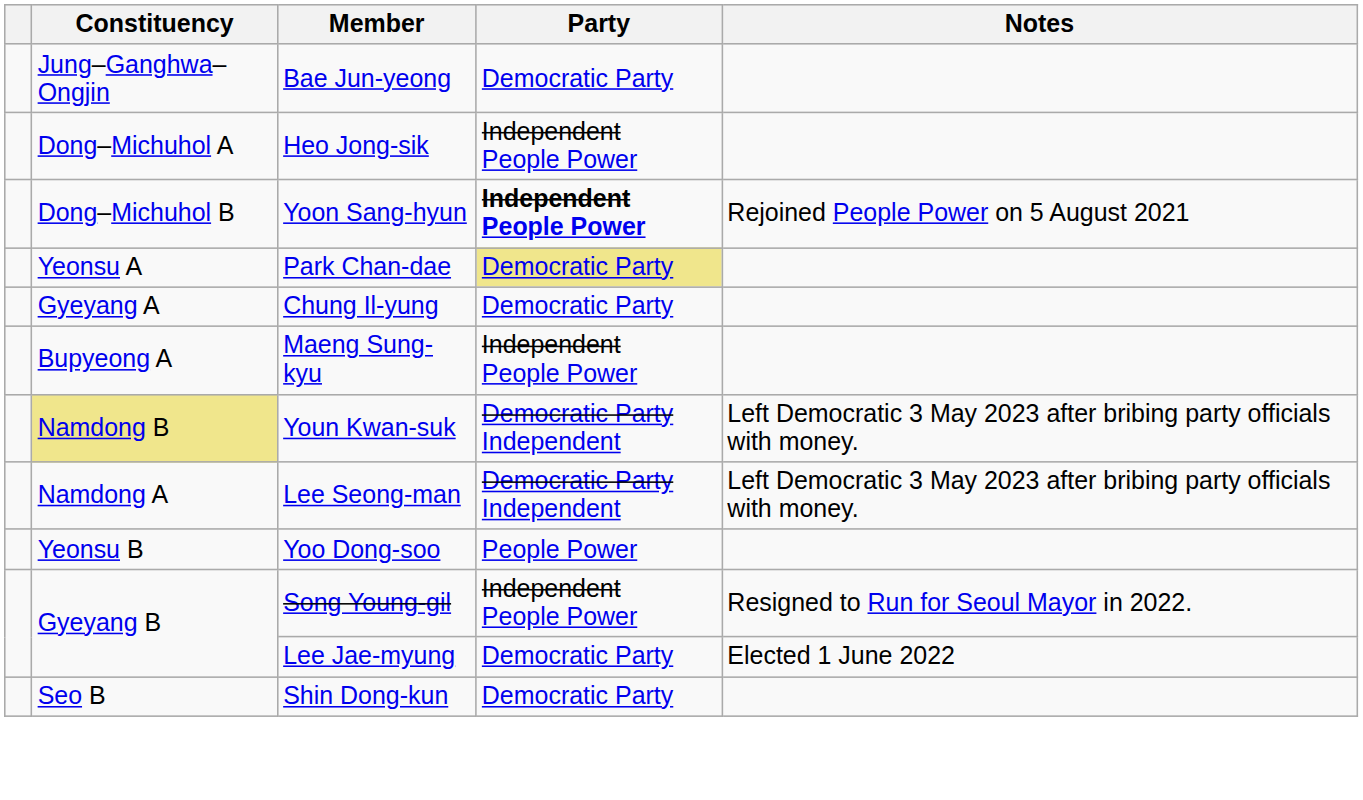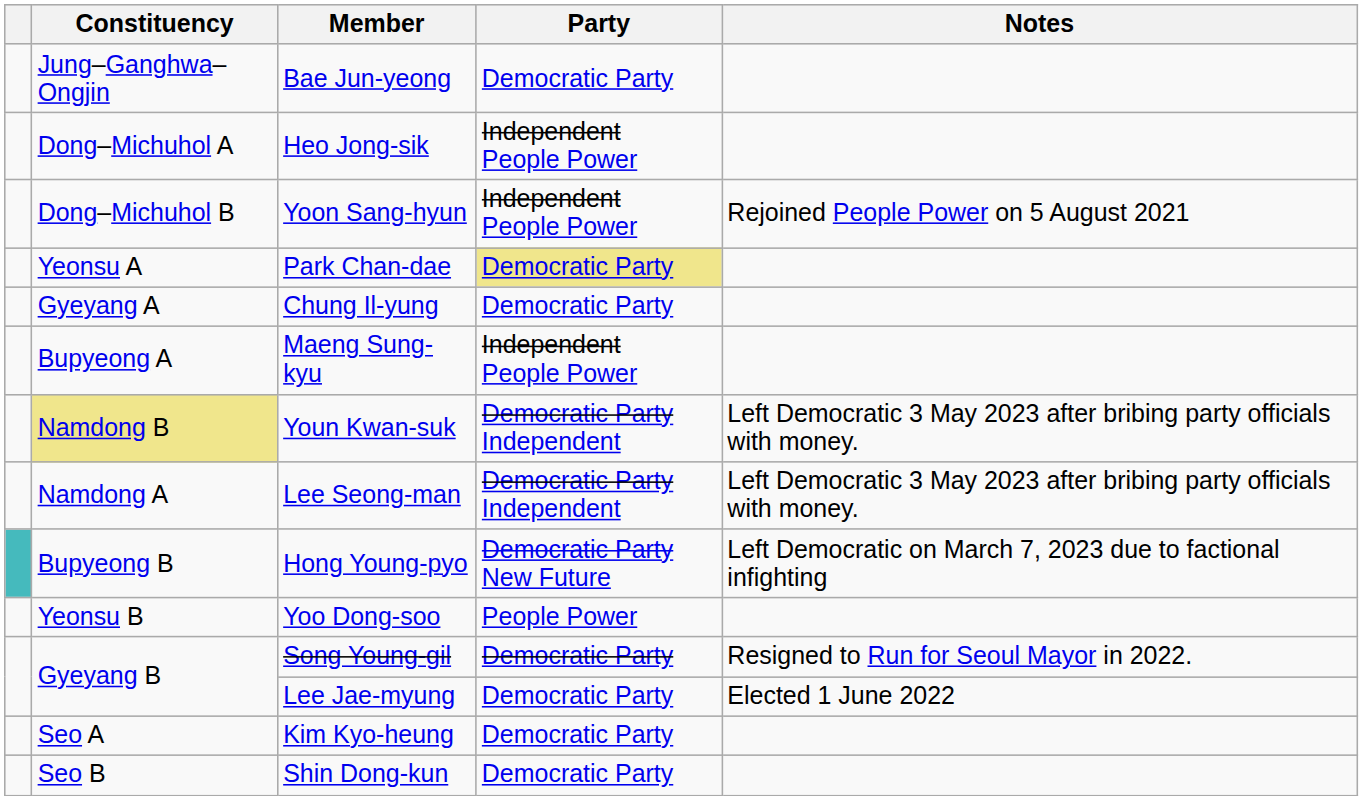 <table class="wikitable sortable">
 <tr>
 <th scope="col" style="width:10px;" class="unsortable"></th>
 <th scope="col" style="width:150px;">Constituency</th>
 <th scope="col" style="width:120px;">Member</th>
 <th scope="col" style="width:150px;">Party</th>
 <th scope="col" style="width:400px;" class="unsortable">Notes</th>
 </tr>
 <tr>
 <td scope="row" style="background-color:"></td>
 <td><a href='#'>Jung</a>–<a href='#'>Ganghwa</a>–<a href='#'>Ongjin</a></td>
 <td><a href='#'>Bae Jun-yeong</a></td>
 <td><a href='#'>Democratic Party</a></td>
 <td></td>
 </tr>
 <tr>
 <td scope="row" style="background-color:"></td>
 <td><a href='#'>Dong</a>–<a href='#'>Michuhol</a> A</td>
 <td><a href='#'>Heo Jong-sik</a></td>
 <td><s>Independent</s> <br> <a href='#'>People Power</a><br></td>
 <td></td>
 </tr>
 <tr>
 <td scope="row" style="background-color:"></td>
 <td><a href='#'>Dong</a>–<a href='#'>Michuhol</a> B</td>
 <td><a href='#'>Yoon Sang-hyun</a></td>
-<td><strong><s>Independent</s> <br> <a href='#'>People Power</a><br></strong></td>
+<td><s>Independent</s> <br> <a href='#'>People Power</a><br></td>
 <td>Rejoined <a href='#'>People Power</a> on 5 August 2021</td>
 </tr>
 <tr>
 <td scope="row" style="background-color:"></td>
 <td><a href='#'>Yeonsu</a> A</td>
 <td><a href='#'>Park Chan-dae</a></td>
 <td style="background: khaki;"><a href='#'>Democratic Party</a></td>
 <td></td>
 </tr>
 <tr>
 <td scope="row" style="background-color:"></td>
 <td><a href='#'>Gyeyang</a> A</td>
 <td><a href='#'>Chung Il-yung</a></td>
 <td><a href='#'>Democratic Party</a></td>
 <td></td>
 </tr>
 <tr>
 <td scope="row" style="background-color:"></td>
 <td><a href='#'>Bupyeong</a> A</td>
 <td><a href='#'>Maeng Sung-kyu</a></td>
 <td><s>Independent</s> <br> <a href='#'>People Power</a><br></td>
 <td></td>
 </tr>
 <tr>
 <td scope="row" style="background-color:"></td>
 <td style="background: khaki;"><a href='#'>Namdong</a> B</td>
 <td><a href='#'>Youn Kwan-suk</a></td>
 <td><s><a href='#'>Democratic Party</a></s> <br> <a href='#'>Independent</a></td>
 <td>Left Democratic 3 May 2023 after bribing party officials with money.</td>
 </tr>
 <tr>
 <td scope="row" style="background-color:"></td>
 <td><a href='#'>Namdong</a> A</td>
 <td><a href='#'>Lee Seong-man</a></td>
 <td><s><a href='#'>Democratic Party</a></s> <br> <a href='#'>Independent</a></td>
 <td>Left Democratic 3 May 2023 after bribing party officials with money.</td>
 </tr>
 <tr>
+<td scope="row" style="background-color:#45BABD"></td>
+<td><a href='#'>Bupyeong</a> B</td>
+<td><a href='#'>Hong Young-pyo</a></td>
+<td><a href='#'><s>Democratic Party</s></a><br><a href='#'>New Future</a></td>
+<td>Left Democratic on March 7, 2023 due to factional infighting</td>
+</tr>
+<tr>
 <td scope="row" style="background-color:"></td>
 <td><a href='#'>Yeonsu</a> B</td>
 <td><a href='#'>Yoo Dong-soo</a></td>
 <td><a href='#'>People Power</a></td>
 <td></td>
 </tr>
 <tr>
 <td rowspan="2" scope="row" style="background-color:"></td>
 <td rowspan="2"><a href='#'>Gyeyang</a> B</td>
 <td><s><a href='#'>Song Young-gil</a></s></td>
-<td><s>Independent</s> <br> <a href='#'>People Power</a><br></td>
+<td><s><a href='#'>Democratic Party</a></s></td>
 <td>Resigned to <a href='#'>Run for Seoul Mayor</a> in 2022.</td>
 </tr>
 <tr>
 <td><a href='#'>Lee Jae-myung</a></td>
 <td><a href='#'>Democratic Party</a></td>
 <td>Elected 1 June 2022</td>
 </tr>
 <tr>
 <td scope="row" style="background-color:"></td>
+<td><a href='#'>Seo</a> A</td>
+<td><a href='#'>Kim Kyo-heung</a></td>
+<td><a href='#'>Democratic Party</a></td>
+<td></td>
+</tr>
+<tr>
+<td scope="row" style="background-color:"></td>
 <td><a href='#'>Seo</a> B</td>
 <td><a href='#'>Shin Dong-kun</a></td>
 <td><a href='#'>Democratic Party</a></td>
 <td></td>
 </tr>
 </table>
